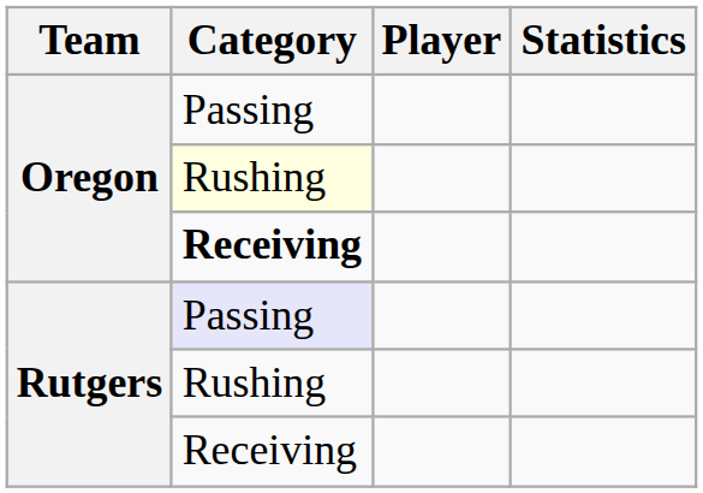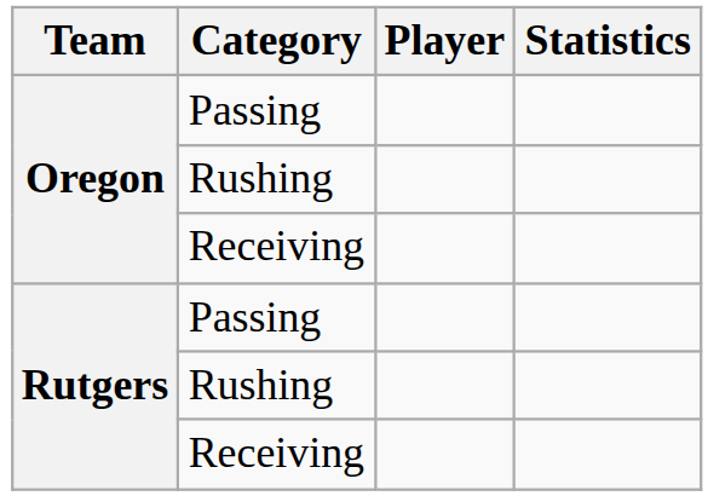 <table class="wikitable" style="float:right">
 <tr>
 <th>Team</th>
 <th>Category</th>
 <th>Player</th>
 <th>Statistics</th>
 </tr>
 <tr>
 <th rowspan=3>Oregon</th>
 <td>Passing</td>
 <td></td>
 <td></td>
 </tr>
 <tr>
-<td style="background: lightyellow;">Rushing</td>
+<td>Rushing</td>
 <td></td>
 <td></td>
 </tr>
 <tr>
-<td><strong>Receiving</strong></td>
+<td>Receiving</td>
 <td></td>
 <td></td>
 </tr>
 <tr>
 <th rowspan=3>Rutgers</th>
-<td style="background: lavender;">Passing</td>
+<td>Passing</td>
 <td></td>
 <td></td>
 </tr>
 <tr>
 <td>Rushing</td>
 <td></td>
 <td></td>
 </tr>
 <tr>
 <td>Receiving</td>
 <td></td>
 <td></td>
 </tr>
 </table>
